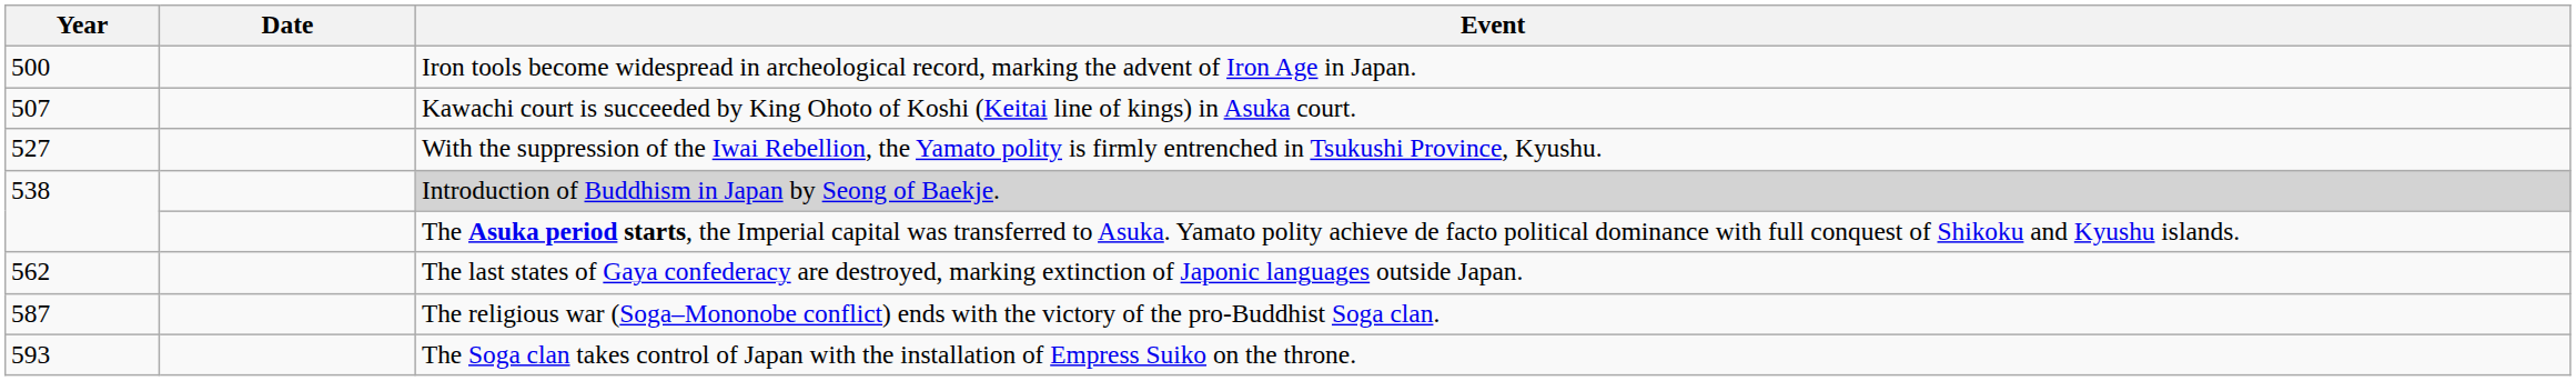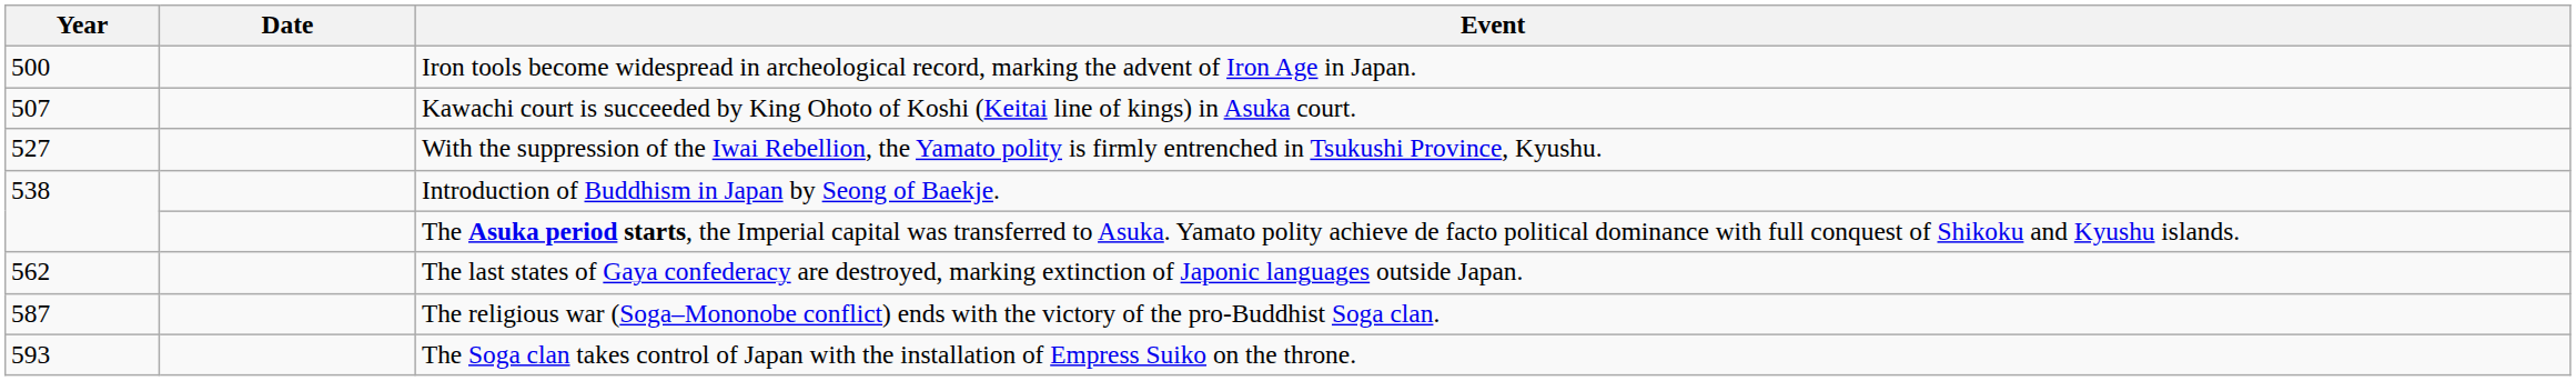 <table class="wikitable" width="100%">
 <tr>
 <th style="width:6%">Year</th>
 <th style="width:10%">Date</th>
 <th>Event</th>
 </tr>
 <tr>
 <td>500</td>
 <td></td>
 <td>Iron tools become widespread in archeological record, marking the advent of <a href='#'>Iron Age</a> in Japan.</td>
 </tr>
 <tr>
 <td>507</td>
 <td></td>
 <td>Kawachi court is succeeded by King Ohoto of Koshi (<a href='#'>Keitai</a> line of kings) in <a href='#'>Asuka</a> court.</td>
 </tr>
 <tr>
 <td>527</td>
 <td></td>
 <td>With the suppression of the <a href='#'>Iwai Rebellion</a>, the <a href='#'>Yamato polity</a> is firmly entrenched in <a href='#'>Tsukushi Province</a>, Kyushu.</td>
 </tr>
 <tr>
 <td rowspan="2" valign="top">538</td>
 <td></td>
-<td style="background: lightgrey;">Introduction of <a href='#'>Buddhism in Japan</a> by <a href='#'>Seong of Baekje</a>.</td>
+<td>Introduction of <a href='#'>Buddhism in Japan</a> by <a href='#'>Seong of Baekje</a>.</td>
 </tr>
 <tr>
 <td></td>
 <td>The <strong><a href='#'>Asuka period</a> starts</strong>, the Imperial capital was transferred to <a href='#'>Asuka</a>. Yamato polity achieve de facto political dominance with full conquest of <a href='#'>Shikoku</a> and <a href='#'>Kyushu</a> islands.</td>
 </tr>
 <tr>
 <td>562</td>
 <td></td>
 <td>The last states of <a href='#'>Gaya confederacy</a> are destroyed, marking extinction of <a href='#'>Japonic languages</a> outside Japan.</td>
 </tr>
 <tr>
 <td>587</td>
 <td></td>
 <td>The religious war (<a href='#'>Soga–Mononobe conflict</a>) ends with the victory of the pro-Buddhist <a href='#'>Soga clan</a>.</td>
 </tr>
 <tr>
 <td>593</td>
 <td></td>
 <td>The <a href='#'>Soga clan</a> takes control of Japan with the installation of <a href='#'>Empress Suiko</a> on the throne.</td>
 </tr>
 </table>
